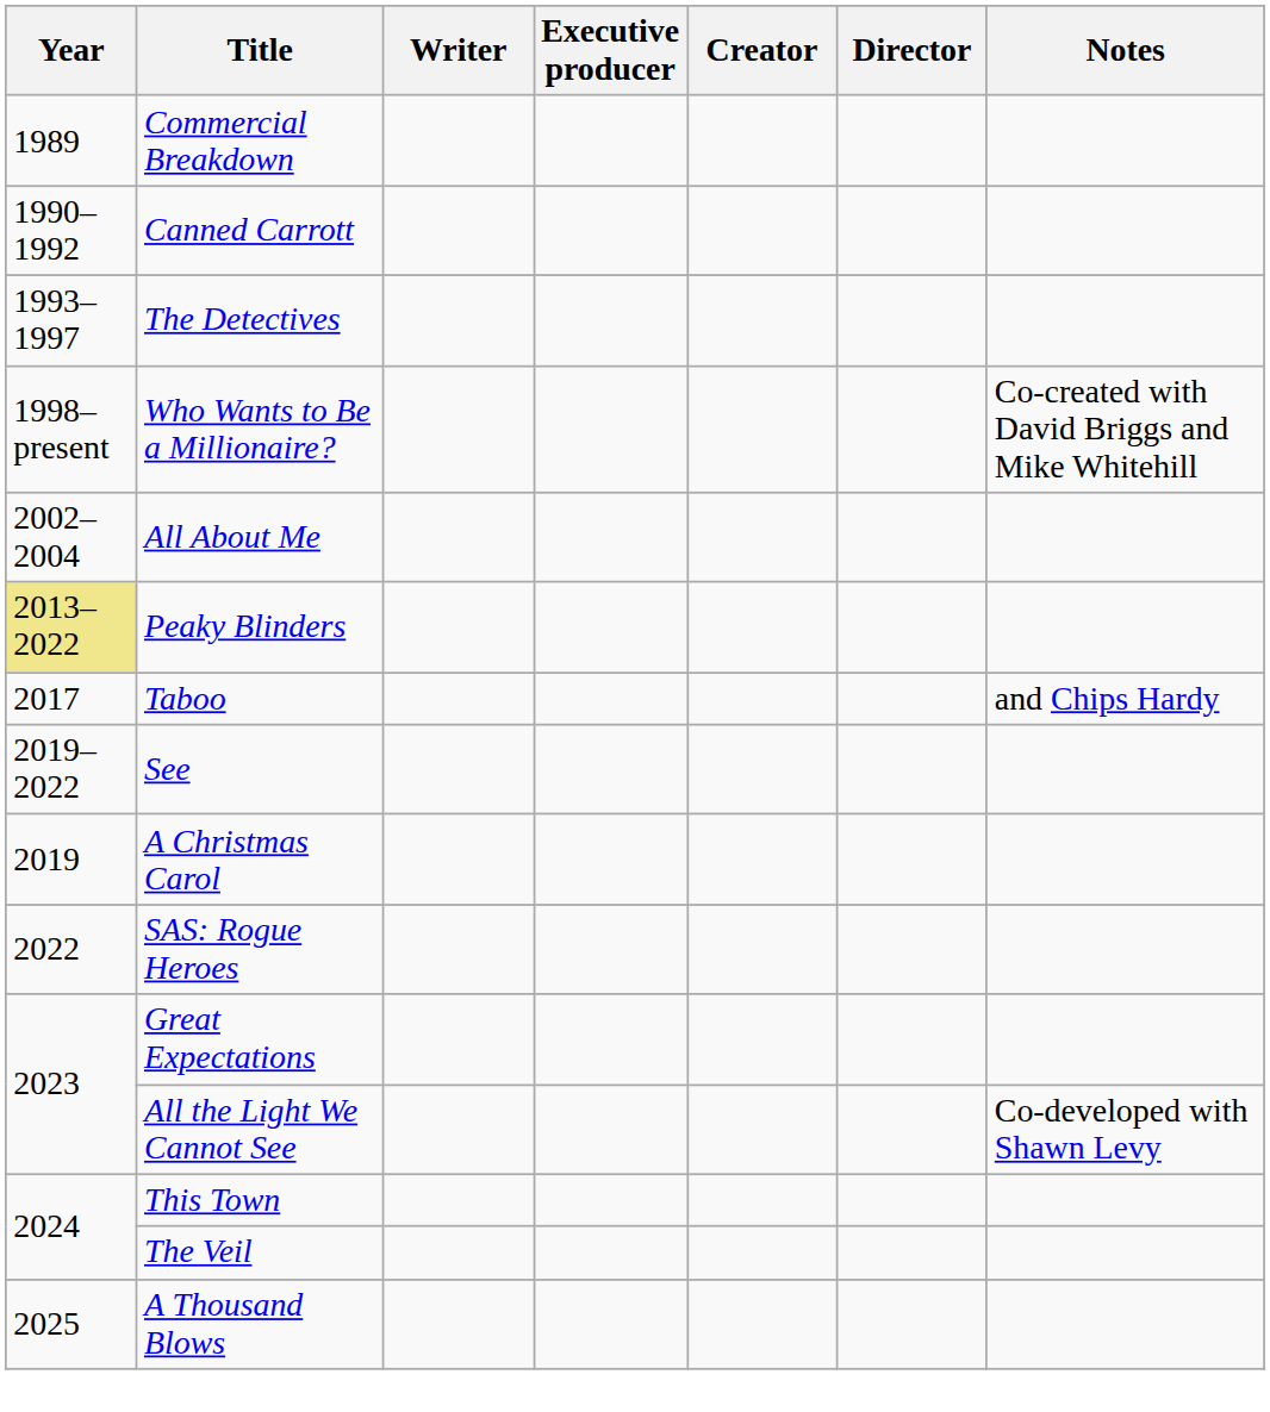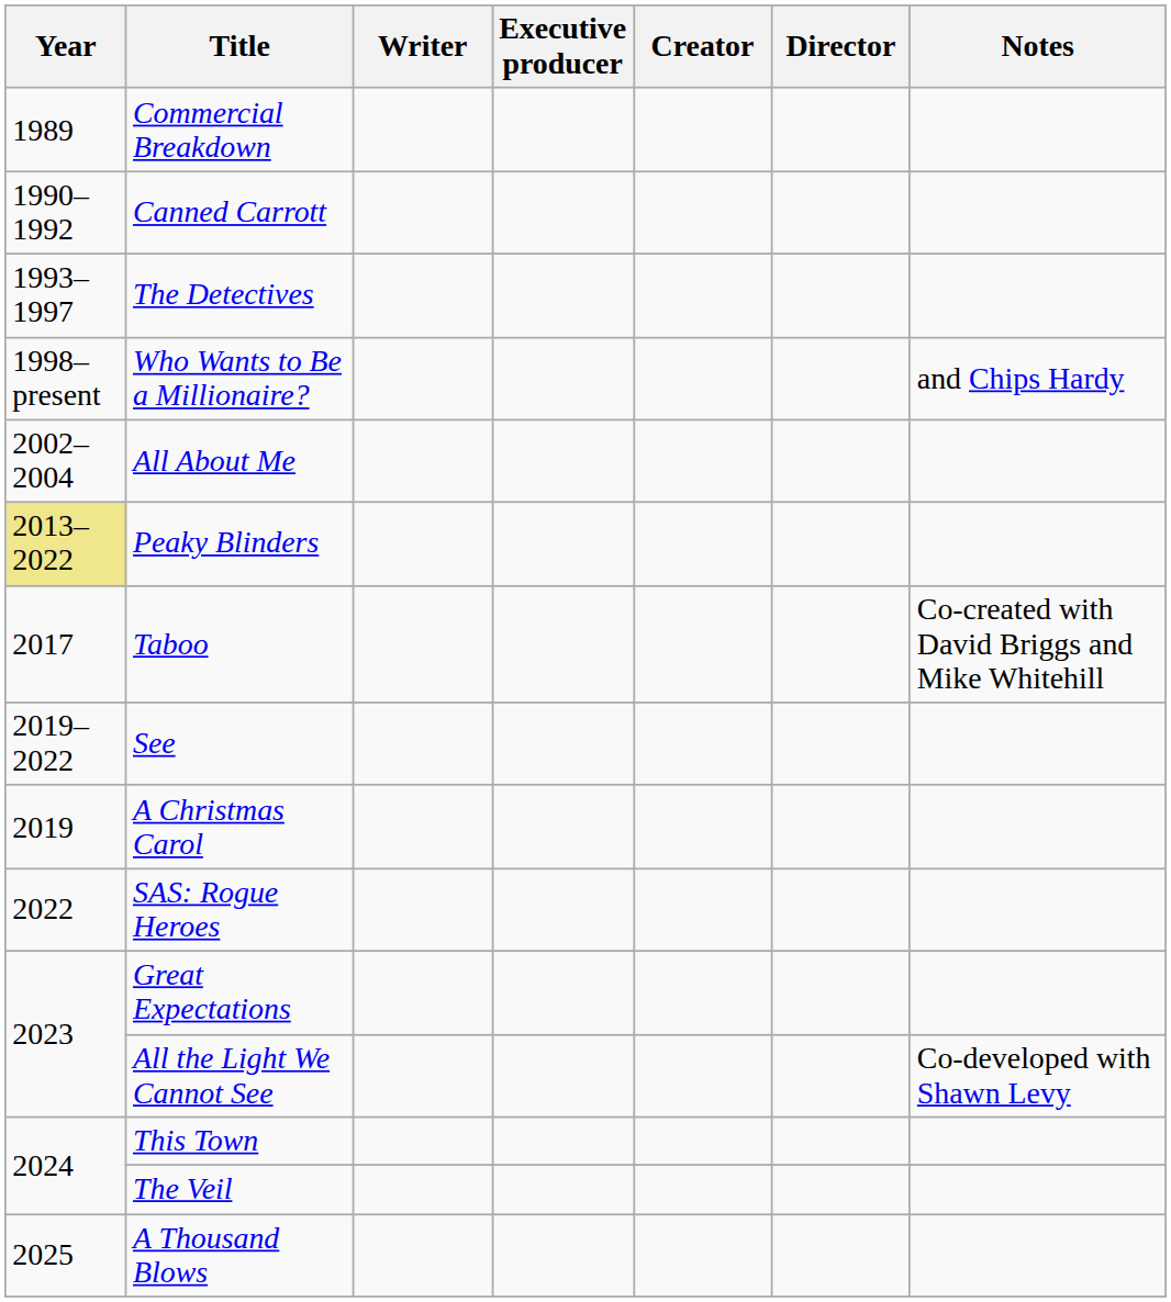 <table class="wikitable">
 <tr>
 <th>Year</th>
 <th>Title</th>
 <th width="65">Writer</th>
 <th width="65">Executive<br>producer</th>
 <th width="65">Creator</th>
 <th width="65">Director</th>
 <th>Notes</th>
 </tr>
 <tr>
 <td>1989</td>
 <td><em><a href='#'>Commercial Breakdown</a></em></td>
 <td></td>
 <td></td>
 <td></td>
 <td></td>
 <td></td>
 </tr>
 <tr>
 <td>1990–1992</td>
 <td><em><a href='#'>Canned Carrott</a></em></td>
 <td></td>
 <td></td>
 <td></td>
 <td></td>
 <td></td>
 </tr>
 <tr>
 <td>1993–1997</td>
 <td><em><a href='#'>The Detectives</a></em></td>
 <td></td>
 <td></td>
 <td></td>
 <td></td>
 <td></td>
 </tr>
 <tr>
 <td>1998–present</td>
 <td><em><a href='#'>Who Wants to Be a Millionaire?</a></em></td>
 <td></td>
 <td></td>
 <td></td>
 <td></td>
-<td>Co-created with David Briggs and Mike Whitehill</td>
+<td> and <a href='#'>Chips Hardy</a></td>
 </tr>
 <tr>
 <td>2002–2004</td>
 <td><em><a href='#'>All About Me</a></em></td>
 <td></td>
 <td></td>
 <td></td>
 <td></td>
 <td></td>
 </tr>
 <tr>
 <td style="background: khaki;">2013–2022</td>
 <td><em><a href='#'>Peaky Blinders</a></em></td>
 <td></td>
 <td></td>
 <td></td>
 <td></td>
 <td></td>
 </tr>
 <tr>
 <td>2017</td>
 <td><em><a href='#'>Taboo</a></em></td>
 <td></td>
 <td></td>
 <td></td>
 <td></td>
-<td> and <a href='#'>Chips Hardy</a></td>
+<td>Co-created with David Briggs and Mike Whitehill</td>
 </tr>
 <tr>
 <td>2019–2022</td>
 <td><em><a href='#'>See</a></em></td>
 <td></td>
 <td></td>
 <td></td>
 <td></td>
 <td></td>
 </tr>
 <tr>
 <td>2019</td>
 <td><em><a href='#'>A Christmas Carol</a></em></td>
 <td></td>
 <td></td>
 <td></td>
 <td></td>
 <td></td>
 </tr>
 <tr>
 <td>2022</td>
 <td><em><a href='#'>SAS: Rogue Heroes</a></em></td>
 <td></td>
 <td></td>
 <td></td>
 <td></td>
 <td></td>
 </tr>
 <tr>
 <td rowspan=2>2023</td>
 <td><em><a href='#'>Great Expectations</a></em></td>
 <td></td>
 <td></td>
 <td></td>
 <td></td>
 <td></td>
 </tr>
 <tr>
 <td><em><a href='#'>All the Light We Cannot See</a></em></td>
 <td></td>
 <td></td>
 <td></td>
 <td></td>
 <td>Co-developed with <a href='#'>Shawn Levy</a></td>
 </tr>
 <tr>
 <td rowspan=2>2024</td>
 <td><em><a href='#'>This Town</a></em></td>
 <td></td>
 <td></td>
 <td></td>
 <td></td>
 <td></td>
 </tr>
 <tr>
 <td><em><a href='#'>The Veil</a></em></td>
 <td></td>
 <td></td>
 <td></td>
 <td></td>
 <td></td>
 </tr>
 <tr>
 <td>2025</td>
 <td><em><a href='#'>A Thousand Blows</a></em></td>
 <td></td>
 <td></td>
 <td></td>
 <td></td>
 <td></td>
 </tr>
 </table>
